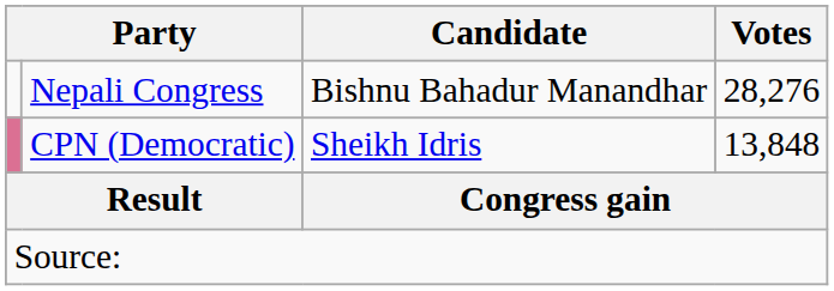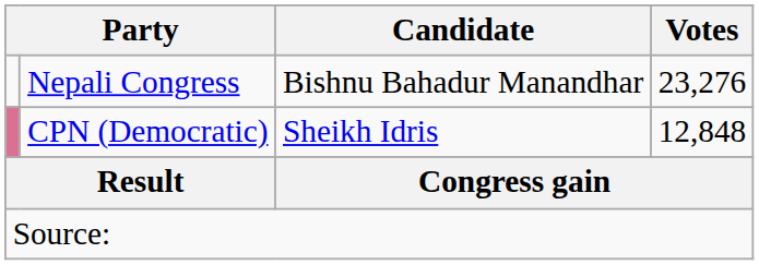 <table class="wikitable">
 <tr>
 <th colspan="2">Party</th>
 <th>Candidate</th>
 <th>Votes</th>
 </tr>
 <tr>
 <td style="background-color:"></td>
 <td><a href='#'>Nepali Congress</a></td>
 <td>Bishnu Bahadur Manandhar</td>
-<td>28,276</td>
+<td>23,276</td>
 </tr>
 <tr>
 <td style="background-color:palevioletred"></td>
 <td><a href='#'>CPN (Democratic)</a></td>
 <td><a href='#'>Sheikh Idris</a></td>
-<td>13,848</td>
+<td>12,848</td>
 </tr>
 <tr>
 <th colspan="2">Result</th>
 <th colspan="2">Congress gain</th>
 </tr>
 <tr>
 <td colspan="4">Source: </td>
 </tr>
 </table>
